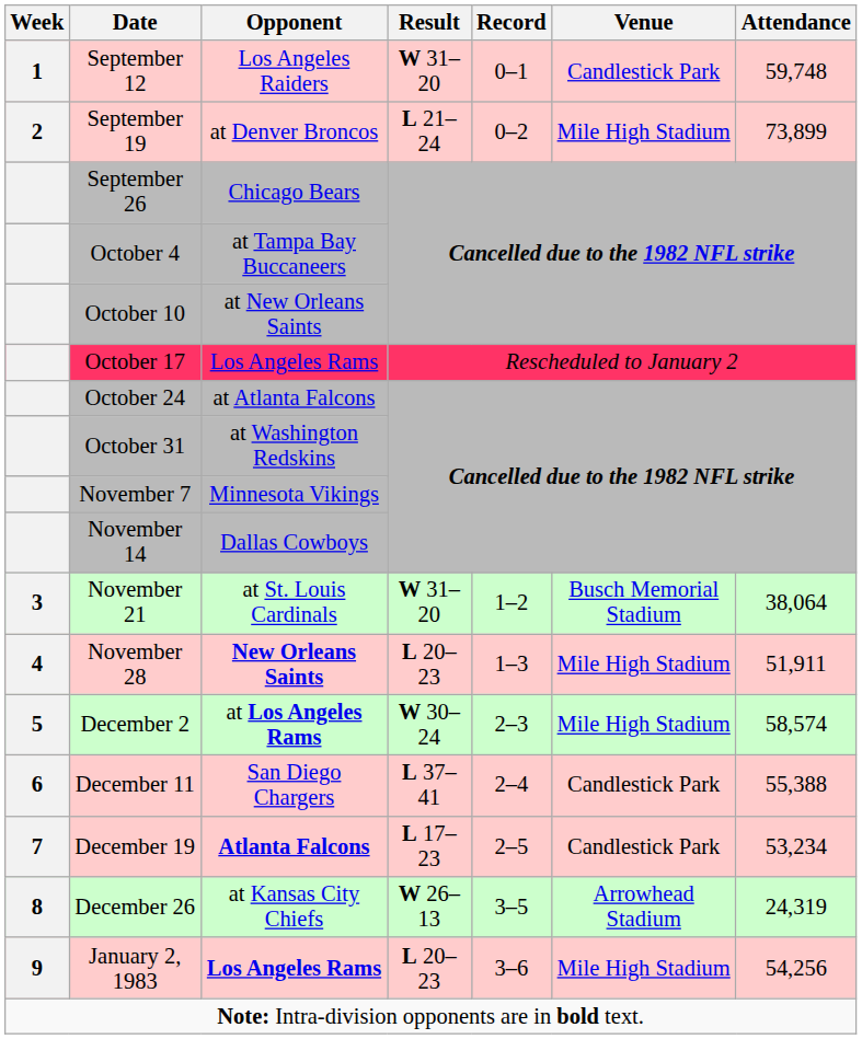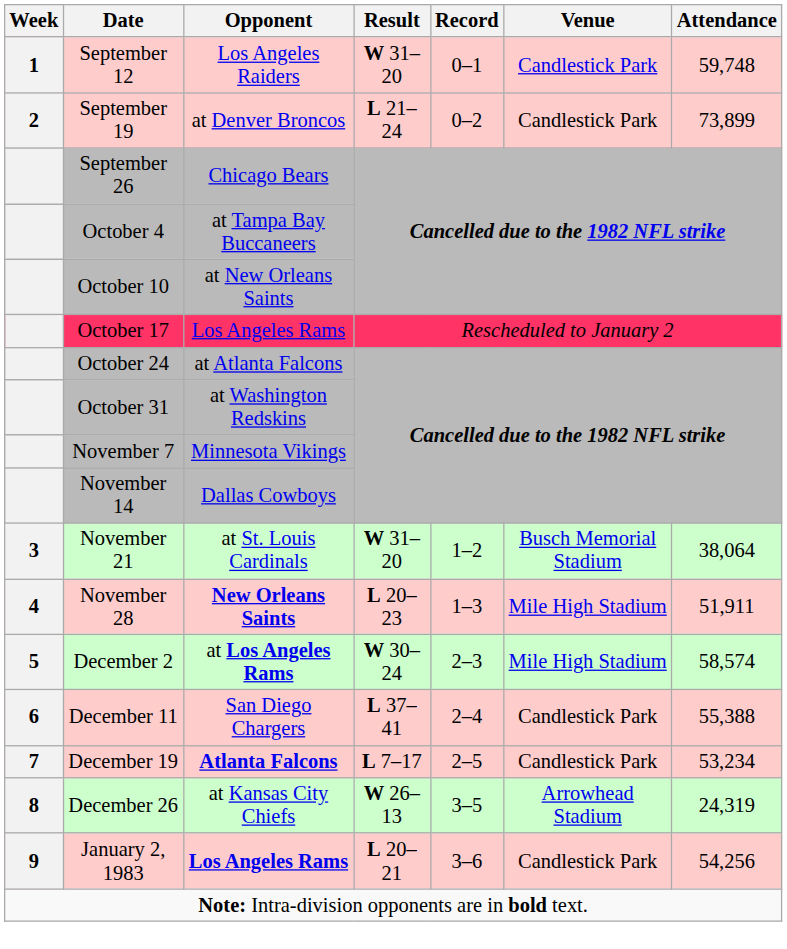 <table class="wikitable" style="text-align:center">
 <tr>
 <th>Week</th>
 <th>Date</th>
 <th>Opponent</th>
 <th>Result</th>
 <th>Record</th>
 <th>Venue</th>
 <th>Attendance</th>
 </tr>
 <tr style="background:#fcc">
 <th>1</th>
 <td>September 12</td>
 <td><a href='#'>Los Angeles Raiders</a></td>
 <td><strong>W</strong> 31–20</td>
 <td>0–1</td>
 <td><a href='#'>Candlestick Park</a></td>
 <td>59,748</td>
 </tr>
 <tr style="background:#fcc">
 <th>2</th>
 <td>September 19</td>
 <td>at <a href='#'>Denver Broncos</a></td>
 <td><strong>L</strong> 21–24</td>
 <td>0–2</td>
-<td><a href='#'>Mile High Stadium</a></td>
+<td>Candlestick Park</td>
 <td>73,899</td>
 </tr>
 <tr style="background:#bababa">
 <th></th>
 <td>September 26</td>
 <td><a href='#'>Chicago Bears</a></td>
 <td colspan="4" align="center"; rowspan="3"><strong><em>Cancelled due to the <a href='#'>1982 NFL strike</a></em></strong></td>
 </tr>
 <tr style="background:#bababa">
 <th></th>
 <td>October 4</td>
 <td>at <a href='#'>Tampa Bay Buccaneers</a></td>
 </tr>
 <tr style="background:#bababa">
 <th></th>
 <td>October 10</td>
 <td>at <a href='#'>New Orleans Saints</a></td>
 </tr>
 <tr style="background:#F36; text-align:center;">
 <th></th>
 <td>October 17</td>
 <td><a href='#'>Los Angeles Rams</a></td>
 <td colspan="4" align="center"><em>Rescheduled to January 2</em></td>
 </tr>
 <tr style="background:#bababa">
 <th></th>
 <td>October 24</td>
 <td>at <a href='#'>Atlanta Falcons</a></td>
 <td colspan="6" align="center"; rowspan="4"><strong><em>Cancelled due to the 1982 NFL strike</em></strong></td>
 </tr>
 <tr style="background:#bababa">
 <th></th>
 <td>October 31</td>
 <td>at <a href='#'>Washington Redskins</a></td>
 </tr>
 <tr style="background:#bababa">
 <th></th>
 <td>November 7</td>
 <td><a href='#'>Minnesota Vikings</a></td>
 </tr>
 <tr style="background:#bababa">
 <th></th>
 <td>November 14</td>
 <td><a href='#'>Dallas Cowboys</a></td>
 </tr>
 <tr style="background:#cfc">
 <th>3</th>
 <td>November 21</td>
 <td>at <a href='#'>St. Louis Cardinals</a></td>
 <td><strong>W</strong> 31–20</td>
 <td>1–2</td>
 <td><a href='#'>Busch Memorial Stadium</a></td>
 <td>38,064</td>
 </tr>
 <tr style="background:#fcc">
 <th>4</th>
 <td>November 28</td>
 <td><strong><a href='#'>New Orleans Saints</a></strong></td>
 <td><strong>L</strong> 20–23</td>
 <td>1–3</td>
 <td><a href='#'>Mile High Stadium</a></td>
 <td>51,911</td>
 </tr>
 <tr style="background:#cfc">
 <th>5</th>
 <td>December 2</td>
 <td>at <strong><a href='#'>Los Angeles Rams</a></strong></td>
 <td><strong>W</strong> 30–24</td>
 <td>2–3</td>
 <td><a href='#'>Mile High Stadium</a></td>
 <td>58,574</td>
 </tr>
 <tr style="background:#fcc">
 <th>6</th>
 <td>December 11</td>
 <td><a href='#'>San Diego Chargers</a></td>
 <td><strong>L</strong> 37–41</td>
 <td>2–4</td>
 <td>Candlestick Park</td>
 <td>55,388</td>
 </tr>
 <tr style="background:#fcc">
 <th>7</th>
 <td>December 19</td>
 <td><strong><a href='#'>Atlanta Falcons</a></strong></td>
-<td><strong>L</strong> 17–23</td>
+<td><strong>L</strong> 7–17</td>
 <td>2–5</td>
 <td>Candlestick Park</td>
 <td>53,234</td>
 </tr>
 <tr style="background:#cfc">
 <th>8</th>
 <td>December 26</td>
 <td>at <a href='#'>Kansas City Chiefs</a></td>
 <td><strong>W</strong> 26–13</td>
 <td>3–5</td>
 <td><a href='#'>Arrowhead Stadium</a></td>
 <td>24,319</td>
 </tr>
 <tr style="background:#fcc">
 <th>9</th>
 <td>January 2, 1983</td>
 <td><strong><a href='#'>Los Angeles Rams</a></strong></td>
-<td><strong>L</strong> 20–23</td>
+<td><strong>L</strong> 20–21</td>
 <td>3–6</td>
-<td><a href='#'>Mile High Stadium</a></td>
+<td>Candlestick Park</td>
 <td>54,256</td>
 </tr>
 <tr>
 <td colspan="8"><strong>Note:</strong> Intra-division opponents are in <strong>bold</strong> text.</td>
 </tr>
 </table>
